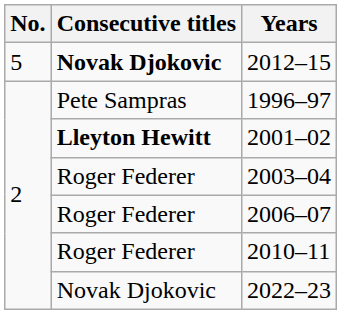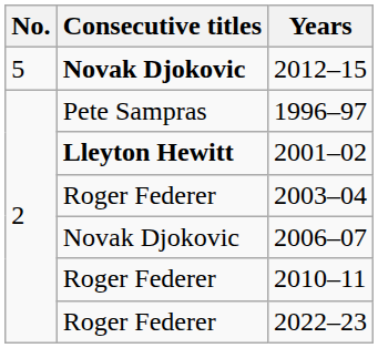 <table class="wikitable" style="display: inline-table;">
 <tr>
 <th width=20>No.</th>
 <th>Consecutive titles</th>
 <th>Years</th>
 </tr>
 <tr>
 <td>5</td>
 <td> <strong>Novak Djokovic</strong></td>
 <td>2012–15</td>
 </tr>
 <tr>
 <td rowspan=6>2</td>
 <td> Pete Sampras</td>
 <td>1996–97</td>
 </tr>
 <tr>
 <td><strong> Lleyton Hewitt</strong></td>
 <td>2001–02</td>
 </tr>
 <tr>
 <td> Roger Federer</td>
 <td>2003–04</td>
 </tr>
 <tr>
-<td> Roger Federer</td>
+<td> Novak Djokovic</td>
 <td>2006–07</td>
 </tr>
 <tr>
 <td> Roger Federer</td>
 <td>2010–11</td>
 </tr>
 <tr>
-<td> Novak Djokovic</td>
+<td> Roger Federer</td>
 <td>2022–23</td>
 </tr>
 </table>
